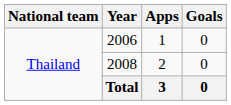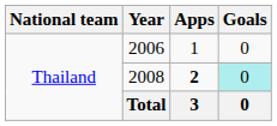 <table class="wikitable" style="text-align:center">
 <tr>
 <th>National team</th>
 <th>Year</th>
 <th>Apps</th>
 <th>Goals</th>
 </tr>
 <tr>
 <td rowspan="5" valign="center"><a href='#'>Thailand</a></td>
 <td>2006</td>
 <td>1</td>
 <td>0</td>
 </tr>
 <tr>
 <td>2008</td>
-<td>2</td>
-<td>0</td>
+<td><strong>2</strong></td>
+<td style="background: paleturquoise;">0</td>
 </tr>
 <tr>
 <th>Total</th>
 <th>3</th>
 <th>0</th>
 </tr>
 </table>
